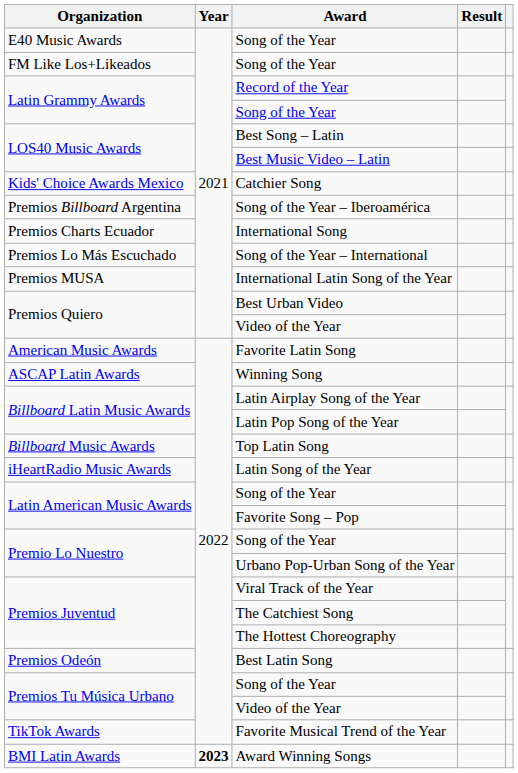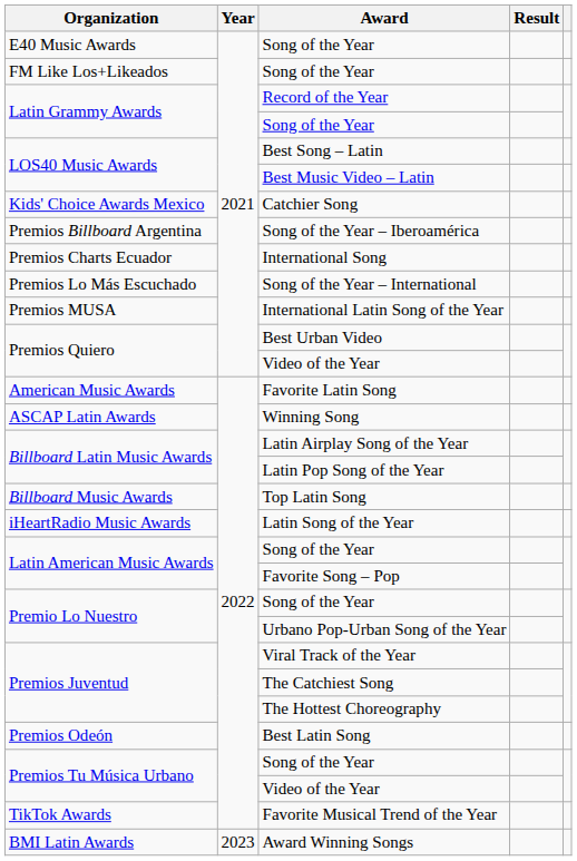 <table class="wikitable sortable plainrowheaders">
 <tr>
 <th scope="col">Organization</th>
 <th scope="col">Year</th>
 <th scope="col">Award</th>
 <th scope="col">Result</th>
 <th class="unsortable"></th>
 </tr>
 <tr>
 <td>E40 Music Awards</td>
 <td rowspan=13>2021</td>
 <td>Song of the Year</td>
 <td></td>
 <td align="center"></td>
 </tr>
 <tr>
 <td>FM Like Los+Likeados</td>
 <td>Song of the Year</td>
 <td></td>
 <td align="center"></td>
 </tr>
 <tr>
 <td rowspan="2"><a href='#'>Latin Grammy Awards</a></td>
 <td><a href='#'>Record of the Year</a></td>
 <td></td>
 <td rowspan="2" align="center"></td>
 </tr>
 <tr>
 <td><a href='#'>Song of the Year</a></td>
 <td></td>
 </tr>
 <tr>
 <td rowspan="2"><a href='#'>LOS40 Music Awards</a></td>
 <td>Best Song – Latin</td>
 <td></td>
 <td align="center"></td>
 </tr>
 <tr>
 <td><a href='#'>Best Music Video – Latin</a></td>
 <td></td>
 <td align="center"></td>
 </tr>
 <tr>
 <td><a href='#'>Kids' Choice Awards Mexico</a></td>
 <td>Catchier Song</td>
 <td></td>
 <td align="center"></td>
 </tr>
 <tr>
 <td>Premios <em>Billboard</em> Argentina</td>
 <td>Song of the Year – Iberoamérica</td>
 <td></td>
 <td style="text-align:center;"></td>
 </tr>
 <tr>
 <td>Premios Charts Ecuador</td>
 <td>International Song</td>
 <td></td>
 <td align="center"></td>
 </tr>
 <tr>
 <td>Premios Lo Más Escuchado</td>
 <td>Song of the Year – International</td>
 <td></td>
 <td align="center"></td>
 </tr>
 <tr>
 <td>Premios MUSA</td>
 <td>International Latin Song of the Year</td>
 <td></td>
 <td style="text-align:center;"></td>
 </tr>
 <tr>
 <td rowspan="2">Premios Quiero</td>
 <td>Best Urban Video</td>
 <td></td>
 <td rowspan="2" style="text-align:center;"></td>
 </tr>
 <tr>
 <td>Video of the Year</td>
 <td></td>
 </tr>
 <tr>
 <td><a href='#'>American Music Awards</a></td>
 <td rowspan="17">2022</td>
 <td>Favorite Latin Song</td>
 <td></td>
 <td align="center"></td>
 </tr>
 <tr>
 <td><a href='#'>ASCAP Latin Awards</a></td>
 <td>Winning Song</td>
 <td></td>
 <td align="center"></td>
 </tr>
 <tr>
 <td rowspan="2"><a href='#'><em>Billboard</em> Latin Music Awards</a></td>
 <td>Latin Airplay Song of the Year</td>
 <td></td>
 <td rowspan="2" style="text-align:center;"></td>
 </tr>
 <tr>
 <td>Latin Pop Song of the Year</td>
 <td></td>
 </tr>
 <tr>
 <td><a href='#'><em>Billboard</em> Music Awards</a></td>
 <td>Top Latin Song</td>
 <td></td>
 <td align="center"></td>
 </tr>
 <tr>
 <td><a href='#'>iHeartRadio Music Awards</a></td>
 <td>Latin Song of the Year</td>
 <td></td>
 <td align="center"></td>
 </tr>
 <tr>
 <td rowspan="2"><a href='#'>Latin American Music Awards</a></td>
 <td>Song of the Year</td>
 <td></td>
 <td rowspan="2" style="text-align:center;"></td>
 </tr>
 <tr>
 <td>Favorite Song – Pop</td>
 <td></td>
 </tr>
 <tr>
 <td rowspan="2"><a href='#'>Premio Lo Nuestro</a></td>
 <td>Song of the Year</td>
 <td></td>
 <td rowspan="2" style="text-align:center;"></td>
 </tr>
 <tr>
 <td>Urbano Pop-Urban Song of the Year</td>
 <td></td>
 </tr>
 <tr>
 <td rowspan="3"><a href='#'>Premios Juventud</a></td>
 <td>Viral Track of the Year</td>
 <td></td>
 <td rowspan="3" style="text-align:center;"></td>
 </tr>
 <tr>
 <td>The Catchiest Song</td>
 <td></td>
 </tr>
 <tr>
 <td>The Hottest Choreography</td>
 <td></td>
 </tr>
 <tr>
 <td><a href='#'>Premios Odeón</a></td>
 <td>Best Latin Song</td>
 <td></td>
 <td align="center"></td>
 </tr>
 <tr>
 <td rowspan="2"><a href='#'>Premios Tu Música Urbano</a></td>
 <td>Song of the Year</td>
 <td></td>
 <td rowspan="2" style="text-align:center;"></td>
 </tr>
 <tr>
 <td>Video of the Year</td>
 <td></td>
 </tr>
 <tr>
 <td><a href='#'>TikTok Awards</a></td>
 <td>Favorite Musical Trend of the Year</td>
 <td></td>
 <td align="center"></td>
 </tr>
 <tr>
 <td><a href='#'>BMI Latin Awards</a></td>
-<td><strong>2023</strong></td>
+<td>2023</td>
 <td>Award Winning Songs</td>
 <td></td>
 <td align="center"></td>
 </tr>
 </table>
